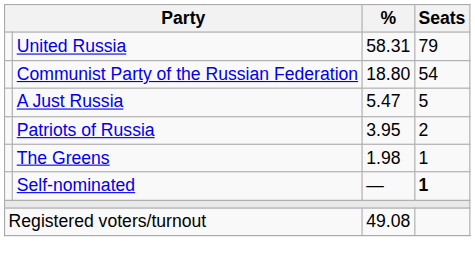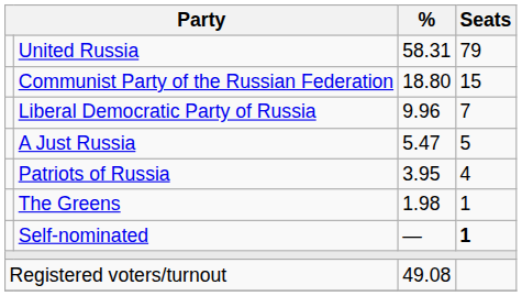 <table class="wikitable">
 <tr>
 <th colspan=2>Party</th>
 <th>%</th>
 <th>Seats</th>
 </tr>
 <tr>
 <td style="background:"></td>
 <td><a href='#'>United Russia</a></td>
 <td>58.31</td>
 <td>79</td>
 </tr>
 <tr>
 <td style="background:"></td>
 <td><a href='#'>Communist Party of the Russian Federation</a></td>
 <td>18.80</td>
-<td>54</td>
+<td>15</td>
+</tr>
+<tr>
+<td style="background:"></td>
+<td><a href='#'>Liberal Democratic Party of Russia</a></td>
+<td>9.96</td>
+<td>7</td>
 </tr>
 <tr>
 <td style="background:"></td>
 <td><a href='#'>A Just Russia</a></td>
 <td>5.47</td>
 <td>5</td>
 </tr>
 <tr>
 <td style="background:"></td>
 <td><a href='#'>Patriots of Russia</a></td>
 <td>3.95</td>
-<td>2</td>
+<td>4</td>
 </tr>
 <tr>
 <td style="background:"></td>
 <td><a href='#'>The Greens</a></td>
 <td>1.98</td>
 <td>1</td>
 </tr>
 <tr>
 <td style="background:"></td>
 <td><a href='#'>Self-nominated</a></td>
 <td>—</td>
 <td><strong>1</strong></td>
 </tr>
 <tr>
 <td colspan=4 style="background:#E9E9E9;"></td>
 </tr>
 <tr>
 <td align=left colspan=2>Registered voters/turnout</td>
 <td>49.08</td>
 <td></td>
 </tr>
 <tr>
 </tr>
 </table>
